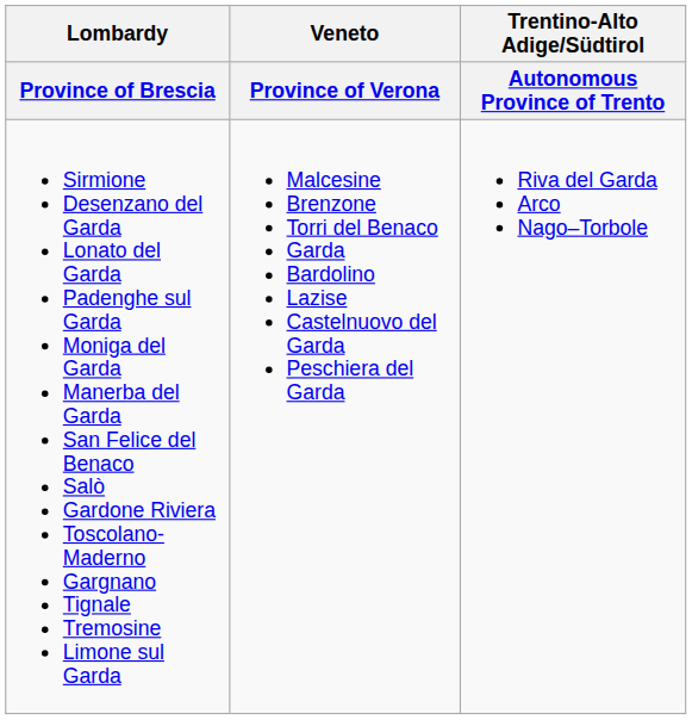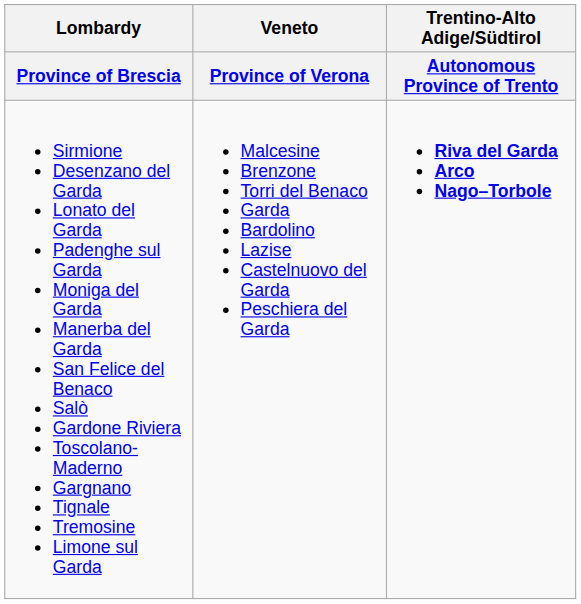 <table class="wikitable" style="width:520px; margin-left:auto; margin-right:auto; border:none;">
 <tr>
 <th>Lombardy<br></th>
 <th>Veneto<br></th>
 <th>Trentino-Alto Adige/Südtirol<br></th>
 </tr>
 <tr>
 <th><a href='#'>Province of Brescia</a><br></th>
 <th><a href='#'>Province of Verona</a><br></th>
 <th><a href='#'>Autonomous<br> Province of Trento</a><br></th>
 </tr>
 <tr>
 <td valign="top"><br><ul><li><a href='#'>Sirmione</a></li><li><a href='#'>Desenzano del Garda</a></li><li><a href='#'>Lonato del Garda</a></li><li><a href='#'>Padenghe sul Garda</a></li><li><a href='#'>Moniga del Garda</a></li><li><a href='#'>Manerba del Garda</a></li><li><a href='#'>San Felice del Benaco</a></li><li><a href='#'>Salò</a></li><li><a href='#'>Gardone Riviera</a></li><li><a href='#'>Toscolano-Maderno</a></li><li><a href='#'>Gargnano</a></li><li><a href='#'>Tignale</a></li><li><a href='#'>Tremosine</a></li><li><a href='#'>Limone sul Garda</a></li></ul></td>
 <td valign="top"><br><ul><li><a href='#'>Malcesine</a></li><li><a href='#'>Brenzone</a></li><li><a href='#'>Torri del Benaco</a></li><li><a href='#'>Garda</a></li><li><a href='#'>Bardolino</a></li><li><a href='#'>Lazise</a></li><li><a href='#'>Castelnuovo del Garda</a></li><li><a href='#'>Peschiera del Garda</a></li></ul></td>
-<td valign="top"><br><ul><li><a href='#'>Riva del Garda</a></li><li><a href='#'>Arco</a></li><li><a href='#'>Nago–Torbole</a></li></ul></td>
+<td valign="top"><strong><br><ul><li><a href='#'>Riva del Garda</a></li><li><a href='#'>Arco</a></li><li><a href='#'>Nago–Torbole</a></li></ul></strong></td>
 </tr>
 <tr>
 </tr>
 </table>
